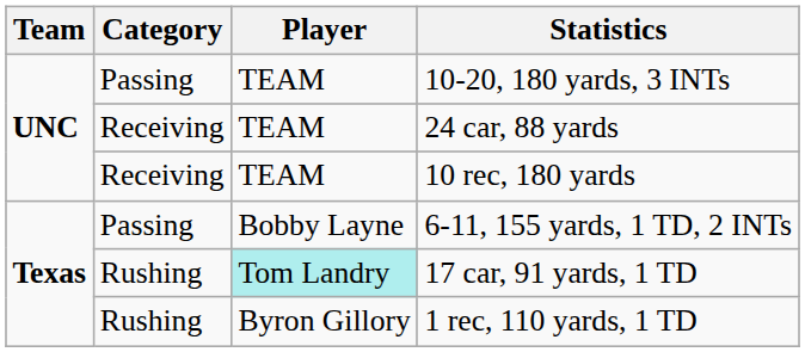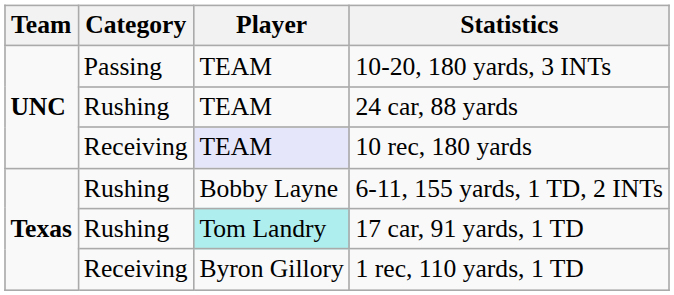 <table class="wikitable" style="float: right;">
 <tr>
 <th>Team</th>
 <th>Category</th>
 <th>Player</th>
 <th>Statistics</th>
 </tr>
 <tr>
 <td rowspan=3><strong>UNC</strong></td>
 <td>Passing</td>
 <td>TEAM</td>
 <td>10-20, 180 yards, 3 INTs</td>
 </tr>
 <tr>
-<td>Receiving</td>
+<td>Rushing</td>
 <td>TEAM</td>
 <td>24 car, 88 yards</td>
 </tr>
 <tr>
 <td>Receiving</td>
-<td>TEAM</td>
+<td style="background: lavender;">TEAM</td>
 <td>10 rec, 180 yards</td>
 </tr>
 <tr>
 <td rowspan=3><strong>Texas</strong></td>
-<td>Passing</td>
+<td>Rushing</td>
 <td>Bobby Layne</td>
 <td>6-11, 155 yards, 1 TD, 2 INTs</td>
 </tr>
 <tr>
 <td>Rushing</td>
 <td style="background: paleturquoise;">Tom Landry</td>
 <td>17 car, 91 yards, 1 TD</td>
 </tr>
 <tr>
-<td>Rushing</td>
+<td>Receiving</td>
 <td>Byron Gillory</td>
 <td>1 rec, 110 yards, 1 TD</td>
 </tr>
 </table>
